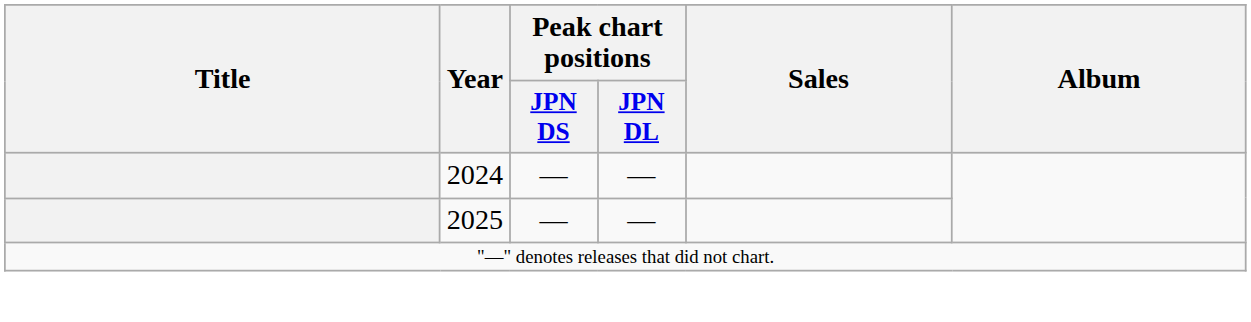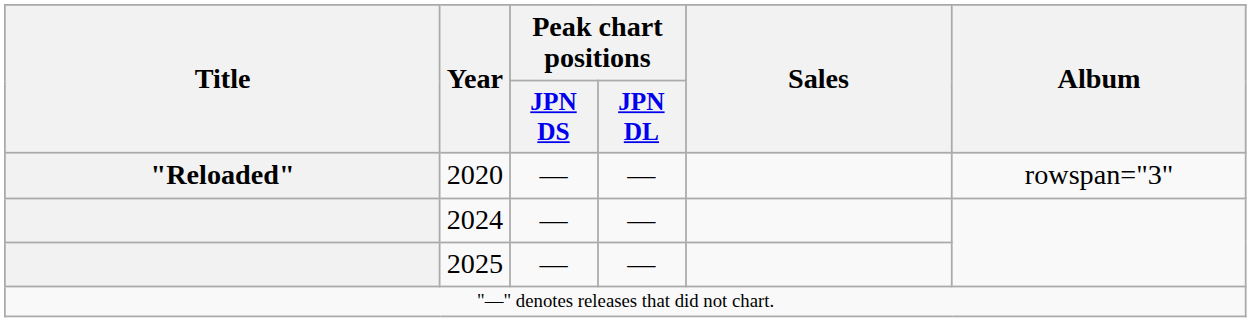 <table class="wikitable plainrowheaders" style="text-align:center;">
 <tr>
 <th scope="col" rowspan="2" style="width:15em;">Title</th>
 <th scope="col" rowspan="2" style="width:1em;">Year</th>
 <th scope="col" colspan="2">Peak chart<br>positions</th>
 <th scope="col" rowspan="2" style="width:9em;">Sales<br></th>
 <th scope="col" rowspan="2" style="width:10em;">Album</th>
 </tr>
 <tr>
 <th scope="col" style="width:3em;font-size:90%;"><a href='#'>JPN<br>DS</a><br></th>
 <th scope="col" style="width:3em;font-size:90%;"><a href='#'>JPN<br>DL</a><br></th>
+</tr>
+<tr>
+<th scope="row">"Reloaded"</th>
+<td>2020</td>
+<td>—</td>
+<td>—</td>
+<td></td>
+<td>rowspan="3" </td>
 </tr>
 <tr>
 <th scope="row"></th>
 <td>2024</td>
 <td>—</td>
 <td>—</td>
 <td></td>
 </tr>
 <tr>
 <th scope="row"></th>
 <td>2025</td>
 <td>—</td>
 <td>—</td>
 <td></td>
 </tr>
 <tr>
 <td colspan="6" style="font-size: 8pt">"—" denotes releases that did not chart.</td>
 </tr>
 </table>
